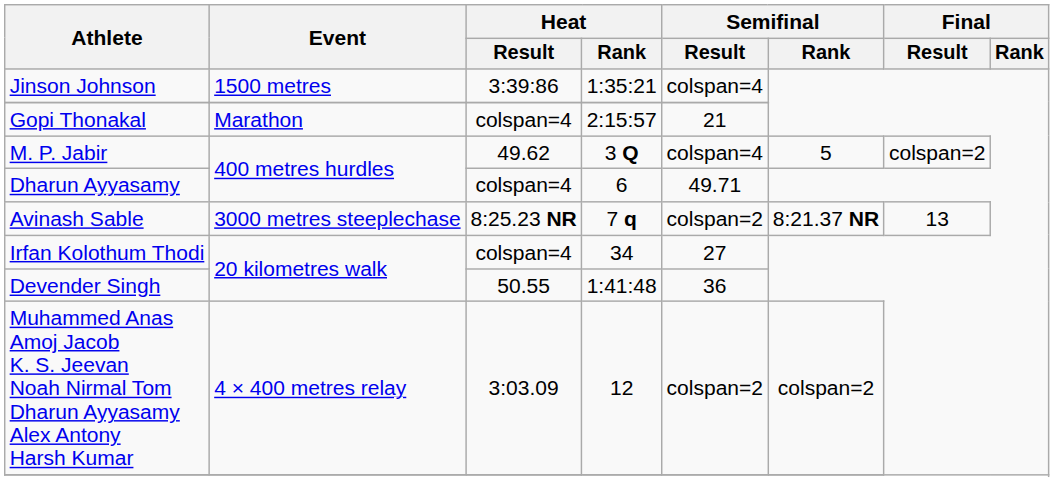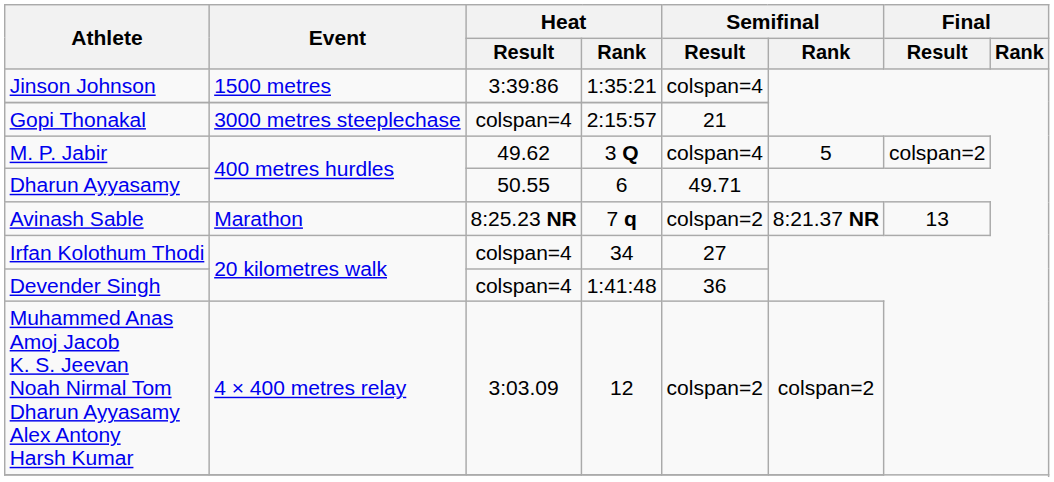 <table class="wikitable" style="font-size:90%">
 <tr>
 <th rowspan="2">Athlete</th>
 <th rowspan="2">Event</th>
 <th colspan="2">Heat</th>
 <th colspan="2">Semifinal</th>
 <th colspan="2">Final</th>
 </tr>
 <tr style="font-size:95%">
 <th>Result</th>
 <th>Rank</th>
 <th>Result</th>
 <th>Rank</th>
 <th>Result</th>
 <th>Rank</th>
 </tr>
 <tr style=text-align:center>
 <td style=text-align:left><a href='#'>Jinson Johnson</a></td>
 <td style=text-align:left><a href='#'>1500 metres</a></td>
 <td>3:39:86</td>
 <td>1:35:21</td>
 <td>colspan=4 </td>
 </tr>
 <tr style=text-align:center>
 </tr>
 <tr style=text-align:center>
 <td style=text-align:left><a href='#'>Gopi Thonakal</a></td>
-<td style=text-align:left><a href='#'>Marathon</a></td>
+<td style=text-align:left><a href='#'>3000 metres steeplechase</a></td>
 <td>colspan=4 </td>
 <td>2:15:57</td>
 <td>21</td>
 </tr>
 <tr style=text-align:center>
 <td style=text-align:left><a href='#'>M. P. Jabir</a></td>
 <td style=text-align:left rowspan=2><a href='#'>400 metres hurdles</a></td>
 <td>49.62</td>
 <td>3 <strong>Q</strong></td>
 <td>colspan=4 </td>
 <td>5</td>
 <td>colspan=2 </td>
 </tr>
 <tr style=text-align:center>
 <td style=text-align:left><a href='#'>Dharun Ayyasamy</a></td>
-<td>colspan=4 </td>
+<td>50.55</td>
 <td>6</td>
 <td>49.71</td>
 </tr>
 <tr style=text-align:center>
 <td style=text-align:left><a href='#'>Avinash Sable</a></td>
-<td style=text-align:left><a href='#'>3000 metres steeplechase</a></td>
+<td style=text-align:left><a href='#'>Marathon</a></td>
 <td>8:25.23 <strong>NR</strong></td>
 <td>7 <strong>q</strong></td>
 <td>colspan=2 </td>
 <td>8:21.37 <strong>NR</strong></td>
 <td>13</td>
 </tr>
 <tr style=text-align:center>
 <td style=text-align:left><a href='#'>Irfan Kolothum Thodi</a></td>
 <td style=text-align:left rowspan=2><a href='#'>20 kilometres walk</a></td>
 <td>colspan=4 </td>
 <td>34</td>
 <td>27</td>
 </tr>
 <tr style=text-align:center>
 <td style=text-align:left><a href='#'>Devender Singh</a></td>
-<td>50.55</td>
+<td>colspan=4 </td>
 <td>1:41:48</td>
 <td>36</td>
 </tr>
 <tr style=text-align:center>
 <td style=text-align:left><a href='#'>Muhammed Anas</a><br><a href='#'>Amoj Jacob</a><br><a href='#'>K. S. Jeevan</a><br><a href='#'>Noah Nirmal Tom</a><br><a href='#'>Dharun Ayyasamy</a><br><a href='#'>Alex Antony</a><br><a href='#'>Harsh Kumar</a></td>
 <td style=text-align:left><a href='#'>4 × 400 metres relay</a></td>
 <td>3:03.09</td>
 <td>12</td>
 <td>colspan=2 </td>
 <td>colspan=2 </td>
 </tr>
 <tr style=text-align:center>
 </tr>
 </table>
